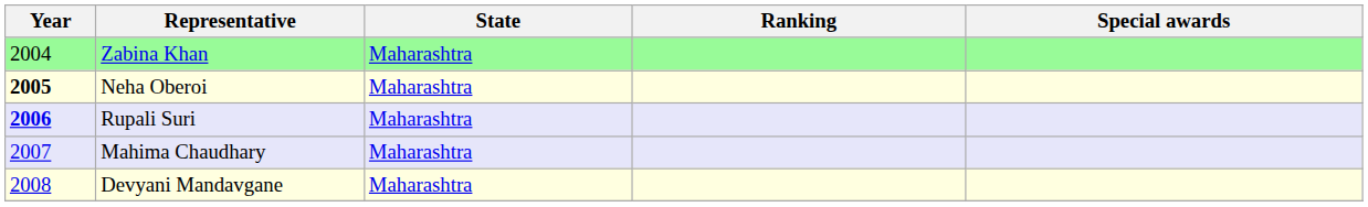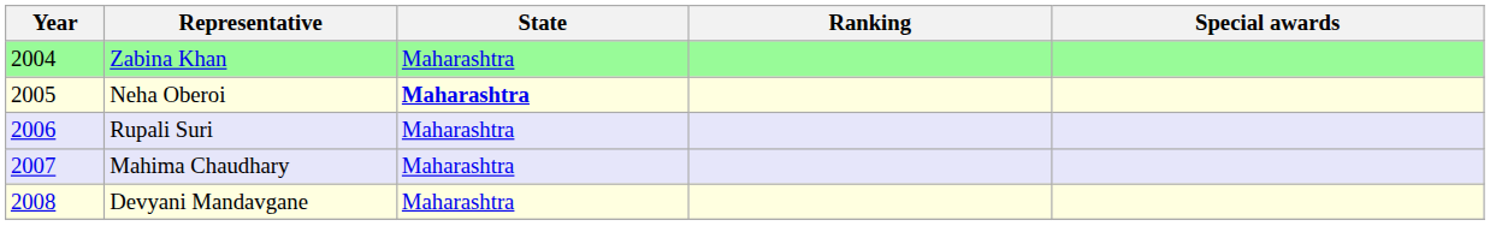 <table class="wikitable ">
 <tr>
 <th width=63>Year</th>
 <th width=200>Representative</th>
 <th width=200>State</th>
 <th width=250>Ranking</th>
 <th width=300>Special awards</th>
 </tr>
 <tr>
 <td style="background:palegreen;">2004</td>
 <td style="background:palegreen;"><a href='#'>Zabina Khan</a></td>
 <td style="background:palegreen;"><a href='#'>Maharashtra</a></td>
 <td style="background:palegreen;"></td>
 <td style="background:palegreen;"></td>
 </tr>
 <tr>
-<td style="background:lightyellow;"><strong>2005</strong></td>
+<td style="background:lightyellow;">2005</td>
 <td style="background:lightyellow;">Neha Oberoi</td>
-<td style="background:lightyellow;"><a href='#'>Maharashtra</a></td>
+<td style="background:lightyellow;"><strong><a href='#'>Maharashtra</a></strong></td>
 <td style="background:lightyellow;"></td>
 <td style="background:lightyellow;"></td>
 </tr>
 <tr>
-<td style="background:lavender;"><strong><a href='#'>2006</a></strong></td>
+<td style="background:lavender;"><a href='#'>2006</a></td>
 <td style="background:lavender;">Rupali Suri</td>
 <td style="background:lavender;"><a href='#'>Maharashtra</a></td>
 <td style="background:lavender;"></td>
 <td style="background:lavender;"></td>
 </tr>
 <tr>
 <td style="background:lavender;"><a href='#'>2007</a></td>
 <td style="background:lavender;">Mahima Chaudhary</td>
 <td style="background:lavender;"><a href='#'>Maharashtra</a></td>
 <td style="background:lavender;"></td>
 <td style="background:lavender;"></td>
 </tr>
 <tr>
 <td style="background:lightyellow;"><a href='#'>2008</a></td>
 <td style="background:lightyellow;">Devyani Mandavgane</td>
 <td style="background:lightyellow;"><a href='#'>Maharashtra</a></td>
 <td style="background:lightyellow;"></td>
 <td style="background:lightyellow;"></td>
 </tr>
 <tr>
 </tr>
 </table>
